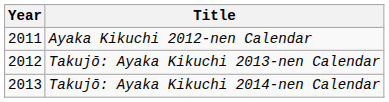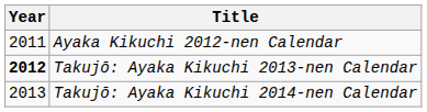 <table class="wikitable">
 <tr>
 <th>Year</th>
 <th>Title</th>
 </tr>
 <tr>
 <td>2011</td>
 <td><em>Ayaka Kikuchi 2012-nen Calendar</em></td>
 </tr>
 <tr>
-<td>2012</td>
+<td><strong>2012</strong></td>
 <td><em>Takujō: Ayaka Kikuchi 2013-nen Calendar</em></td>
 </tr>
 <tr>
 <td>2013</td>
 <td><em>Takujō: Ayaka Kikuchi 2014-nen Calendar</em></td>
 </tr>
 </table>
